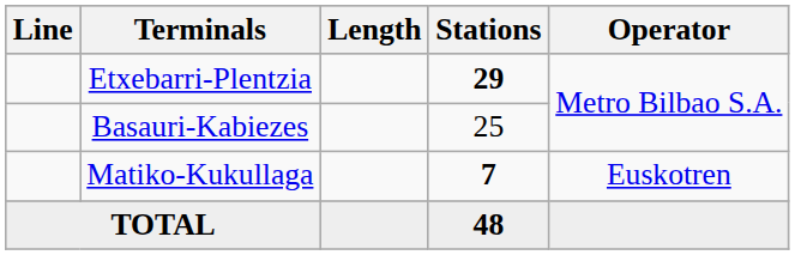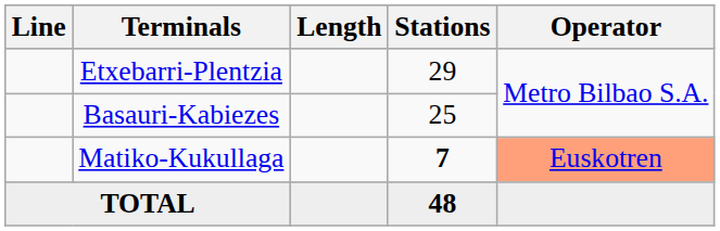 <table class="wikitable" border="1">
 <tr style="background:#DDDDDD;">
 <th>Line</th>
 <th>Terminals</th>
 <th>Length</th>
 <th>Stations</th>
 <th>Operator</th>
 </tr>
 <tr style="text-align:center;">
 <td></td>
 <td><a href='#'>Etxebarri-Plentzia</a></td>
 <td></td>
-<td><strong>29</strong></td>
+<td>29</td>
 <td rowspan="2"><a href='#'>Metro Bilbao S.A.</a></td>
 </tr>
 <tr style="text-align:center;">
 <td></td>
 <td><a href='#'>Basauri-Kabiezes</a></td>
 <td></td>
 <td>25</td>
 </tr>
 <tr style="text-align:center;">
 <td></td>
 <td><a href='#'>Matiko-Kukullaga</a></td>
 <td></td>
 <td><strong>7</strong></td>
-<td><a href='#'>Euskotren</a></td>
+<td style="background: lightsalmon;"><a href='#'>Euskotren</a></td>
 </tr>
 <tr style="text-align:center;" - bgcolor="#EEEEEE">
 <td colspan="2" align="center"><strong>TOTAL</strong></td>
 <td></td>
 <td><strong>48</strong></td>
 <td></td>
 </tr>
 </table>
